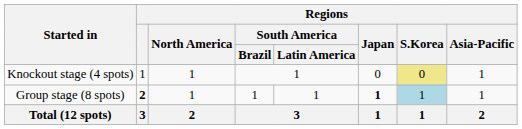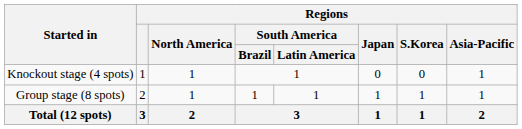 <table class="wikitable" style="text-align:center">
 <tr>
 <th rowspan="3">Started in</th>
 <th colspan="7">Regions</th>
 </tr>
 <tr>
 <th rowspan="2"></th>
 <th rowspan="2">North America</th>
 <th colspan="2">South America</th>
 <th rowspan="2">Japan</th>
 <th rowspan="2">S.Korea</th>
 <th rowspan="2">Asia-Pacific</th>
 </tr>
 <tr>
 <th>Brazil</th>
 <th>Latin America</th>
 </tr>
 <tr>
 <td style="text-align:center">Knockout stage (4 spots)</td>
 <td>1</td>
 <td>1</td>
 <td colspan="2">1</td>
 <td>0</td>
-<td style="background: khaki;">0</td>
+<td>0</td>
 <td>1</td>
 </tr>
 <tr>
 <td style="text-align:center">Group stage (8 spots)</td>
-<td><strong>2</strong></td>
+<td>2</td>
 <td>1</td>
 <td>1</td>
 <td>1</td>
-<td><strong>1</strong></td>
-<td style="background: lightblue;">1</td>
+<td>1</td>
+<td>1</td>
 <td>1</td>
 </tr>
 <tr>
 <th style="text-align:center">Total (12 spots)</th>
 <th>3</th>
 <th>2</th>
 <th colspan="2">3</th>
 <th>1</th>
 <th>1</th>
 <th>2</th>
 </tr>
 </table>
